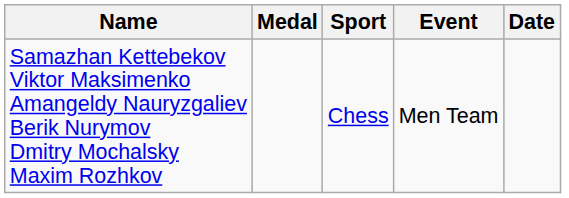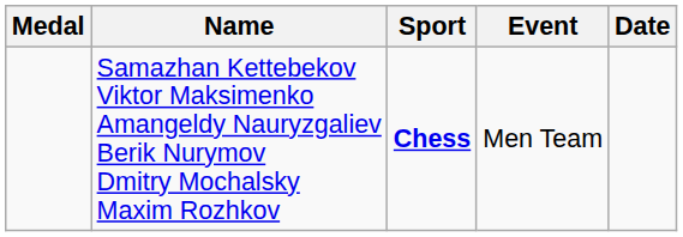 <table class="wikitable sortable" style="font-size: 90%;">
 <tr>
+<th>Medal</th>
 <th>Name</th>
-<th>Medal</th>
 <th>Sport</th>
 <th>Event</th>
 <th>Date</th>
 </tr>
 <tr>
+<td></td>
 <td><a href='#'>Samazhan Kettebekov</a><br><a href='#'>Viktor Maksimenko</a><br><a href='#'>Amangeldy Nauryzgaliev</a><br><a href='#'>Berik Nurymov</a><br><a href='#'>Dmitry Mochalsky</a><br><a href='#'>Maxim Rozhkov</a></td>
-<td></td>
-<td><a href='#'>Chess</a></td>
+<td><strong><a href='#'>Chess</a></strong></td>
 <td>Men Team</td>
 <td></td>
 </tr>
 </table>
